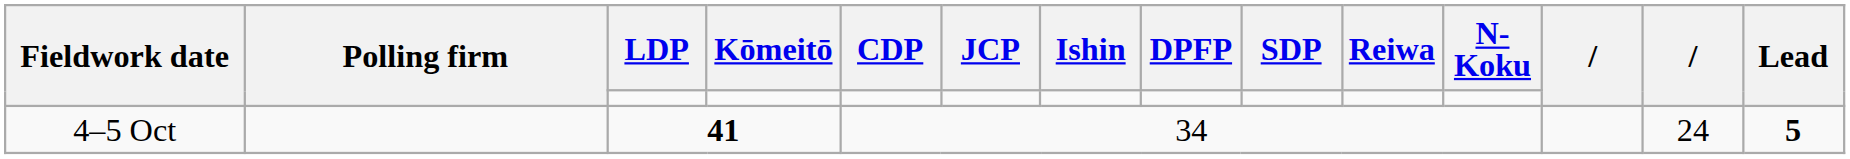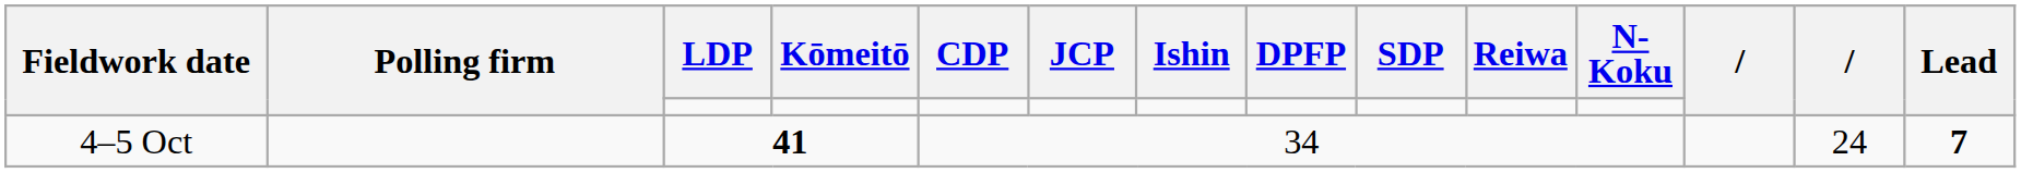 <table class="wikitable mw-datatable" style="text-align:center;font-size:90%;line-height:14px;">
 <tr style="height:38px;">
 <th class="unsortable" rowspan="2" width=100px>Fieldwork date</th>
 <th class="unsortable" rowspan="2" width=155px>Polling firm</th>
 <th class="unsortable" width=38px><a href='#'>LDP</a></th>
 <th class="unsortable" width=38px><a href='#'>Kōmeitō</a></th>
 <th class="unsortable" width=38px><a href='#'>CDP</a></th>
 <th class="unsortable" width=38px><a href='#'>JCP</a></th>
 <th class="unsortable" width=38px><a href='#'>Ishin</a></th>
 <th class="unsortable" width=38px><a href='#'>DPFP</a></th>
 <th class="unsortable" width=38px><a href='#'>SDP</a></th>
 <th class="unsortable" width=38px><a href='#'>Reiwa</a></th>
 <th class="unsortable" width=38px><a href='#'>N-Koku</a></th>
 <th rowspan="2" class="unsortable" width="38px">/<br></th>
 <th class="unsortable" width=38px rowspan=2>/<br></th>
 <th class="unsortable" width=38px rowspan=2>Lead</th>
 </tr>
 <tr>
 <td style="background-color: "></td>
 <td style="background-color: "></td>
 <td style="background-color: "></td>
 <td style="background-color: "></td>
 <td style="background-color: "></td>
 <td style="background-color: "></td>
 <td style="background-color: "></td>
 <td style="background-color: "></td>
 <td style="background-color: "></td>
 </tr>
 <tr>
 <td>4–5 Oct</td>
 <td></td>
 <td colspan="2" ><strong>41</strong></td>
 <td colspan="7">34</td>
 <td></td>
 <td>24</td>
-<td style="background:"><strong>5</strong></td>
+<td style="background:"><strong>7</strong></td>
 </tr>
 </table>
